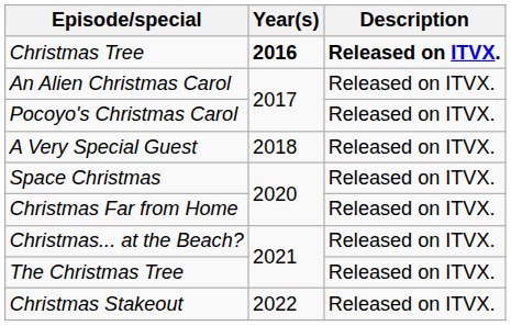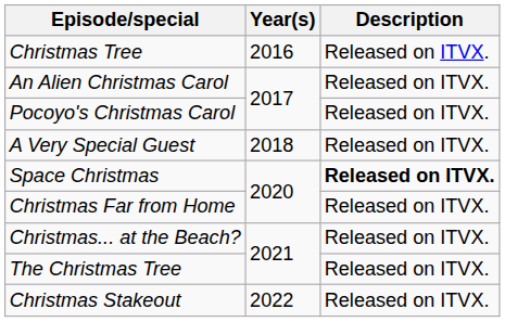 <table class="wikitable sortable">
 <tr>
 <th>Episode/special</th>
 <th>Year(s)</th>
 <th>Description</th>
 </tr>
 <tr>
 <td><em>Christmas Tree</em></td>
-<td><strong>2016</strong></td>
-<td><strong>Released on <a href='#'>ITVX</a>.</strong></td>
+<td>2016</td>
+<td>Released on <a href='#'>ITVX</a>.</td>
 </tr>
 <tr>
 <td><em>An Alien Christmas Carol</em></td>
 <td rowspan="2">2017</td>
 <td>Released on ITVX.</td>
 </tr>
 <tr>
 <td><em>Pocoyo's Christmas Carol</em></td>
 <td>Released on ITVX.</td>
 </tr>
 <tr>
 <td><em>A Very Special Guest</em></td>
 <td>2018</td>
 <td>Released on ITVX.</td>
 </tr>
 <tr>
 <td><em>Space Christmas</em></td>
 <td rowspan="2">2020</td>
-<td>Released on ITVX.</td>
+<td><strong>Released on ITVX.</strong></td>
 </tr>
 <tr>
 <td><em>Christmas Far from Home</em></td>
 <td>Released on ITVX.</td>
 </tr>
 <tr>
 <td><em>Christmas... at the Beach?</em></td>
 <td rowspan="2">2021</td>
 <td>Released on ITVX.</td>
 </tr>
 <tr>
 <td><em>The Christmas Tree</em></td>
 <td>Released on ITVX.</td>
 </tr>
 <tr>
 <td><em>Christmas Stakeout</em></td>
 <td>2022</td>
 <td>Released on ITVX.</td>
 </tr>
 </table>
